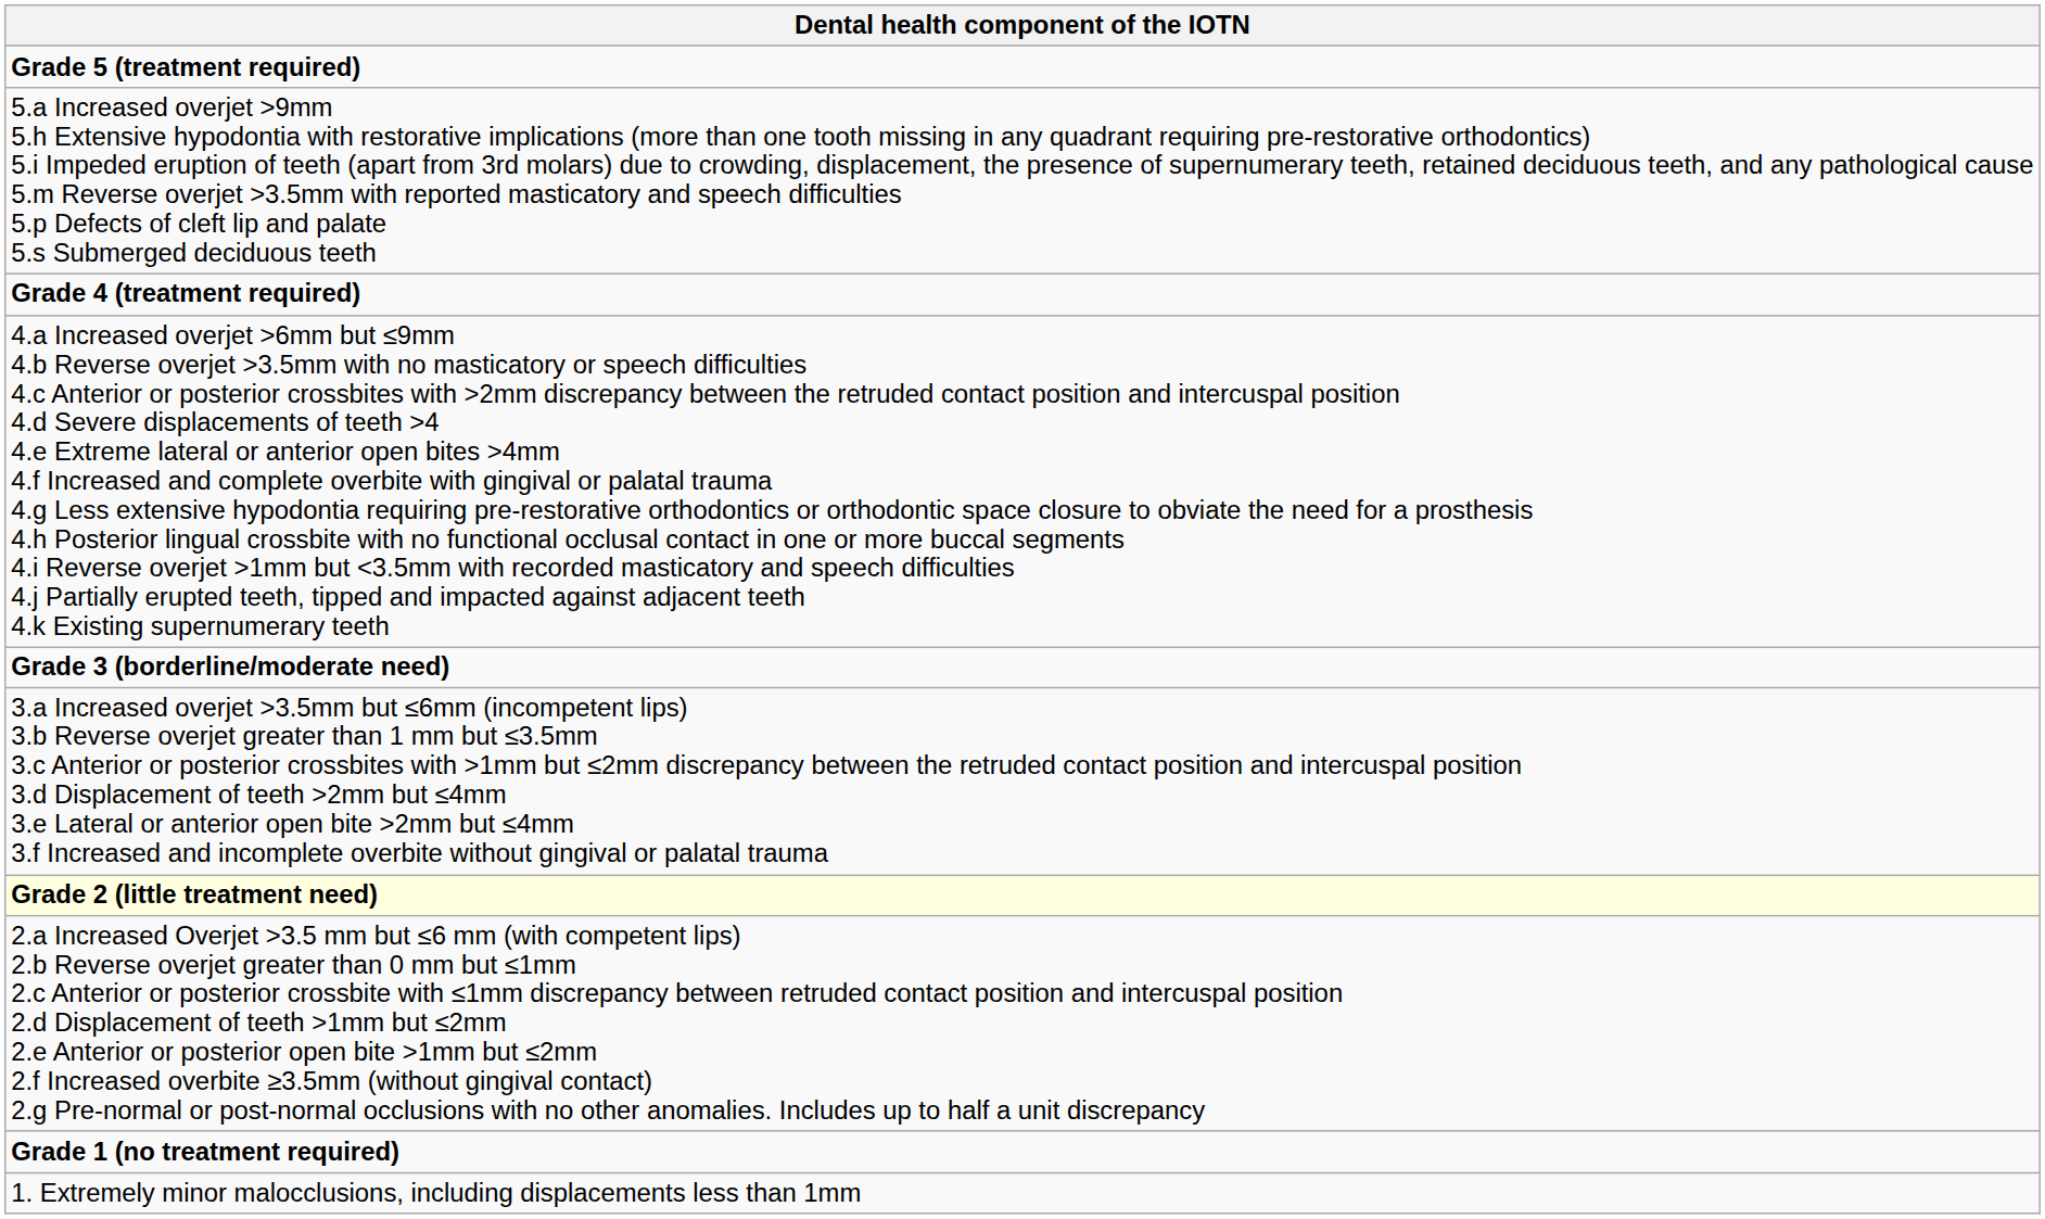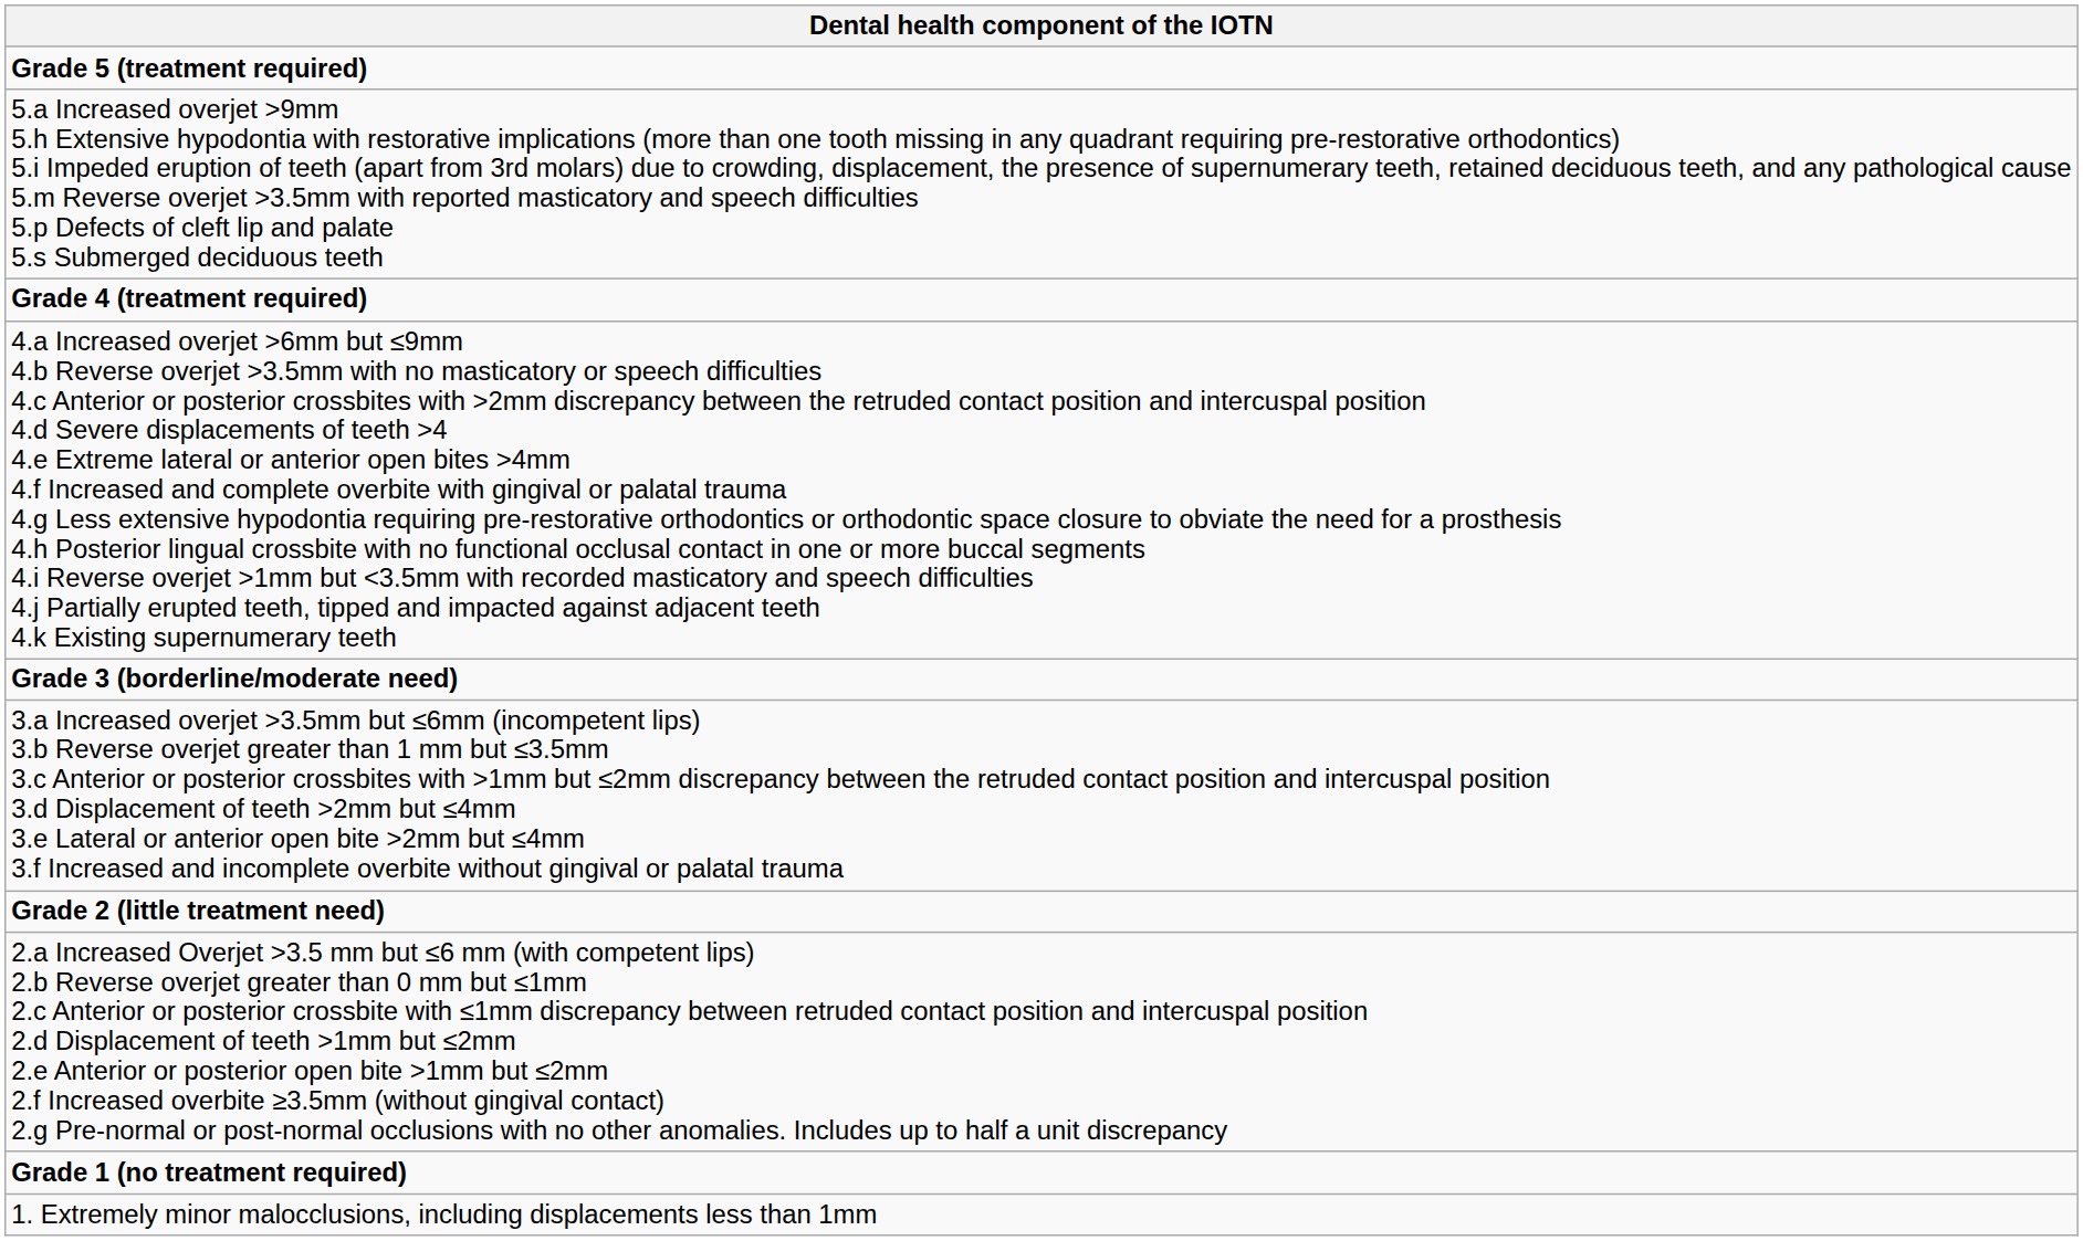 <table class="wikitable">
 <tr>
 <th>Dental health component of the IOTN</th>
 </tr>
 <tr>
 <td><strong>Grade 5 (treatment required)</strong></td>
 </tr>
 <tr>
 <td>5.a   Increased overjet  >9mm<br>5.h   Extensive hypodontia with  restorative implications (more than one tooth missing in any quadrant  requiring pre-restorative orthodontics)<br>5.i    Impeded eruption of teeth (apart  from 3rd molars) due to crowding, displacement, the presence of supernumerary  teeth, retained deciduous teeth, and any pathological cause<br>5.m Reverse overjet >3.5mm with reported masticatory and speech  difficulties<br>5.p  Defects of cleft lip and  palate<br>5.s   Submerged deciduous teeth</td>
 </tr>
 <tr>
 <td><strong>Grade 4 (treatment required)</strong></td>
 </tr>
 <tr>
 <td>4.a   Increased overjet >6mm but ≤9mm<br>4.b   Reverse overjet >3.5mm with no  masticatory or speech difficulties<br>4.c   Anterior or posterior crossbites  with >2mm discrepancy between the retruded contact position and  intercuspal position<br>4.d   Severe displacements of teeth  >4<br>4.e   Extreme lateral or anterior open  bites >4mm<br>4.f    Increased and complete overbite  with gingival or palatal trauma<br>4.g   Less extensive hypodontia  requiring pre-restorative orthodontics or orthodontic space closure to  obviate the need for a prosthesis<br>4.h   Posterior lingual crossbite with  no functional occlusal contact in one or more buccal segments<br>4.i    Reverse overjet >1mm but <3.5mm  with recorded masticatory and speech difficulties<br>4.j    Partially erupted teeth, tipped  and impacted against adjacent teeth<br>4.k   Existing supernumerary teeth</td>
 </tr>
 <tr>
 <td><strong>Grade 3 (borderline/moderate need)</strong></td>
 </tr>
 <tr>
 <td>3.a   Increased  overjet >3.5mm but ≤6mm (incompetent lips)<br>3.b   Reverse overjet greater than 1 mm but ≤3.5mm<br>3.c   Anterior or posterior crossbites with  >1mm but ≤2mm discrepancy between the retruded   contact position and intercuspal  position<br>3.d   Displacement of teeth >2mm but ≤4mm<br>3.e   Lateral or anterior open bite >2mm but ≤4mm<br>3.f    Increased and incomplete overbite without  gingival or palatal trauma</td>
 </tr>
 <tr>
-<td style="background: lightyellow;"><strong>Grade 2 (little treatment need)</strong></td>
+<td><strong>Grade 2 (little treatment need)</strong></td>
 </tr>
 <tr>
 <td>2.a    Increased Overjet >3.5 mm  but ≤6 mm (with competent lips)<br>2.b   Reverse overjet greater than 0 mm but ≤1mm<br>2.c   Anterior or posterior crossbite with ≤1mm  discrepancy between retruded contact position and intercuspal position<br>2.d   Displacement of teeth >1mm but ≤2mm<br>2.e   Anterior or posterior open bite >1mm but ≤2mm<br>2.f    Increased overbite ≥3.5mm (without gingival  contact)<br>2.g   Pre-normal or post-normal occlusions with no other anomalies. Includes up to half a unit discrepancy</td>
 </tr>
 <tr>
 <td><strong>Grade 1 (no treatment required)</strong></td>
 </tr>
 <tr>
 <td>1.        Extremely  minor malocclusions, including displacements less than 1mm  </td>
 </tr>
 </table>
